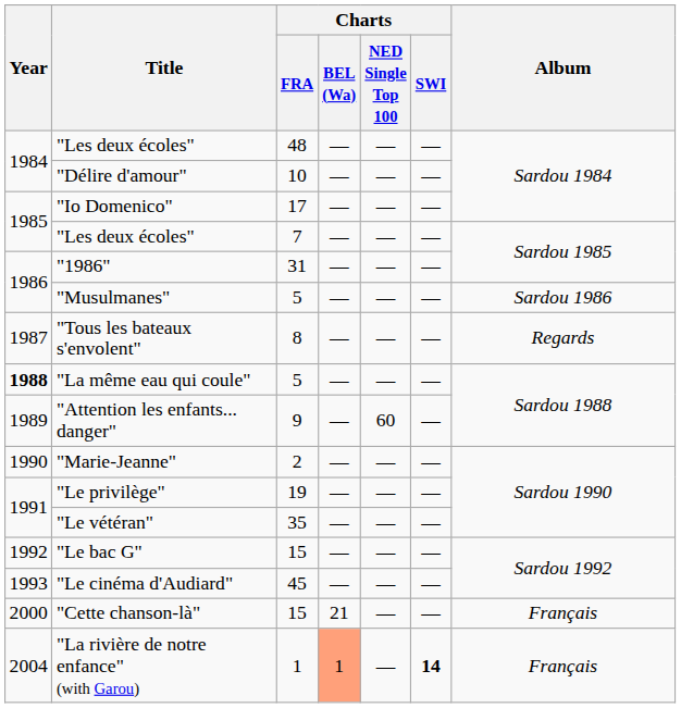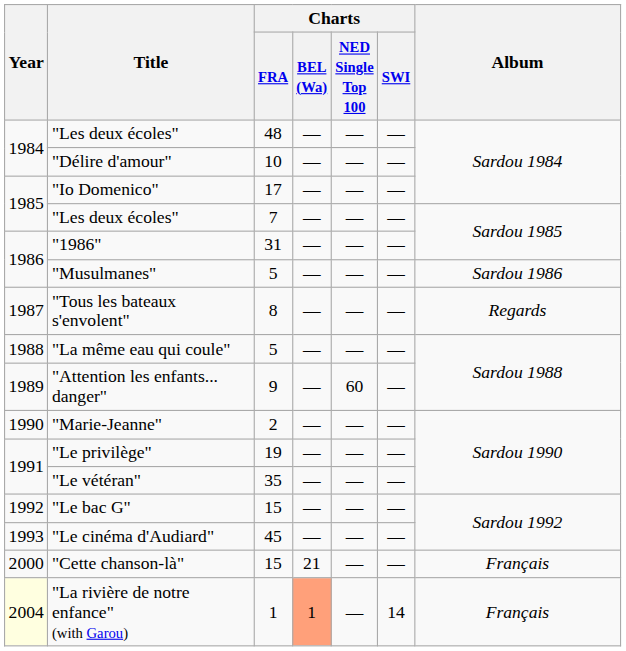 <table class="wikitable">
 <tr>
 <th style="text-align:center;" rowspan="2">Year</th>
 <th rowspan="2" style="text-align:center; width:180px;">Title</th>
 <th style="text-align:center;" colspan="4">Charts</th>
 <th rowspan="2" style="text-align:center; width:180px;">Album</th>
 </tr>
 <tr>
 <th width="20"><small><a href='#'>FRA</a><br></small></th>
 <th width="20"><small><a href='#'>BEL<br>(Wa)</a></small></th>
 <th width="20"><small><a href='#'>NED<br>Single<br>Top 100</a></small></th>
 <th width="20"><small><a href='#'>SWI</a></small></th>
 </tr>
 <tr>
 <td style="text-align:center;" rowspan=2>1984</td>
 <td>"Les deux écoles"</td>
 <td style="text-align:center;">48</td>
 <td style="text-align:center;">—</td>
 <td style="text-align:center;">—</td>
 <td style="text-align:center;">—</td>
 <td style="text-align:center;" rowspan=3><em>Sardou 1984</em></td>
 </tr>
 <tr>
 <td>"Délire d'amour"</td>
 <td style="text-align:center;">10</td>
 <td style="text-align:center;">—</td>
 <td style="text-align:center;">—</td>
 <td style="text-align:center;">—</td>
 </tr>
 <tr>
 <td style="text-align:center;" rowspan=2>1985</td>
 <td>"Io Domenico"</td>
 <td style="text-align:center;">17</td>
 <td style="text-align:center;">—</td>
 <td style="text-align:center;">—</td>
 <td style="text-align:center;">—</td>
 </tr>
 <tr>
 <td>"Les deux écoles"</td>
 <td style="text-align:center;">7</td>
 <td style="text-align:center;">—</td>
 <td style="text-align:center;">—</td>
 <td style="text-align:center;">—</td>
 <td style="text-align:center;" rowspan=2><em>Sardou 1985</em></td>
 </tr>
 <tr>
 <td style="text-align:center;" rowspan=2>1986</td>
 <td>"1986"</td>
 <td style="text-align:center;">31</td>
 <td style="text-align:center;">—</td>
 <td style="text-align:center;">—</td>
 <td style="text-align:center;">—</td>
 </tr>
 <tr>
 <td>"Musulmanes"</td>
 <td style="text-align:center;">5</td>
 <td style="text-align:center;">—</td>
 <td style="text-align:center;">—</td>
 <td style="text-align:center;">—</td>
 <td style="text-align:center;"><em>Sardou 1986</em></td>
 </tr>
 <tr>
 <td style="text-align:center;">1987</td>
 <td>"Tous les bateaux s'envolent"</td>
 <td style="text-align:center;">8</td>
 <td style="text-align:center;">—</td>
 <td style="text-align:center;">—</td>
 <td style="text-align:center;">—</td>
 <td style="text-align:center;"><em>Regards</em></td>
 </tr>
 <tr>
-<td style="text-align:center;"><strong>1988</strong></td>
+<td style="text-align:center;">1988</td>
 <td>"La même eau qui coule"</td>
 <td style="text-align:center;">5</td>
 <td style="text-align:center;">—</td>
 <td style="text-align:center;">—</td>
 <td style="text-align:center;">—</td>
 <td style="text-align:center;" rowspan=2><em>Sardou 1988</em></td>
 </tr>
 <tr>
 <td style="text-align:center;">1989</td>
 <td>"Attention les enfants... danger"</td>
 <td style="text-align:center;">9</td>
 <td style="text-align:center;">—</td>
 <td style="text-align:center;">60</td>
 <td style="text-align:center;">—</td>
 </tr>
 <tr>
 <td style="text-align:center;">1990</td>
 <td>"Marie-Jeanne"</td>
 <td style="text-align:center;">2</td>
 <td style="text-align:center;">—</td>
 <td style="text-align:center;">—</td>
 <td style="text-align:center;">—</td>
 <td style="text-align:center;" rowspan=3><em>Sardou 1990</em></td>
 </tr>
 <tr>
 <td style="text-align:center;" rowspan=2>1991</td>
 <td>"Le privilège"</td>
 <td style="text-align:center;">19</td>
 <td style="text-align:center;">—</td>
 <td style="text-align:center;">—</td>
 <td style="text-align:center;">—</td>
 </tr>
 <tr>
 <td>"Le vétéran"</td>
 <td style="text-align:center;">35</td>
 <td style="text-align:center;">—</td>
 <td style="text-align:center;">—</td>
 <td style="text-align:center;">—</td>
 </tr>
 <tr>
 <td style="text-align:center;">1992</td>
 <td>"Le bac G"</td>
 <td style="text-align:center;">15</td>
 <td style="text-align:center;">—</td>
 <td style="text-align:center;">—</td>
 <td style="text-align:center;">—</td>
 <td style="text-align:center;" rowspan=2><em>Sardou 1992</em></td>
 </tr>
 <tr>
 <td style="text-align:center;">1993</td>
 <td>"Le cinéma d'Audiard"</td>
 <td style="text-align:center;">45</td>
 <td style="text-align:center;">—</td>
 <td style="text-align:center;">—</td>
 <td style="text-align:center;">—</td>
 </tr>
 <tr>
 <td style="text-align:center;">2000</td>
 <td>"Cette chanson-là"</td>
 <td style="text-align:center;">15</td>
 <td style="text-align:center;">21</td>
 <td style="text-align:center;">—</td>
 <td style="text-align:center;">—</td>
 <td style="text-align:center;"><em>Français</em></td>
 </tr>
 <tr>
-<td style="text-align:center;">2004</td>
+<td style="background: lightyellow; text-align:center;">2004</td>
 <td>"La rivière de notre enfance" <br><small>(with <a href='#'>Garou</a>)</small></td>
 <td style="text-align:center;">1</td>
 <td style="background: lightsalmon; text-align:center;">1</td>
 <td style="text-align:center;">—</td>
-<td style="text-align:center;"><strong>14</strong></td>
+<td style="text-align:center;">14</td>
 <td style="text-align:center;"><em>Français</em></td>
 </tr>
 </table>
